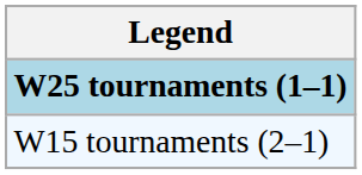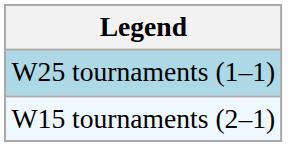 <table class="wikitable" style="font-size:85%">
 <tr>
 <th>Legend</th>
 </tr>
 <tr style="background:lightblue;">
-<td><strong>W25 tournaments (1–1)</strong></td>
+<td>W25 tournaments (1–1)</td>
 </tr>
 <tr style="background:#f0f8ff;">
 <td>W15 tournaments (2–1)</td>
 </tr>
 </table>
